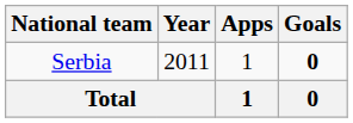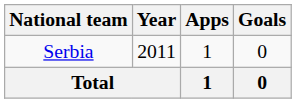 <table class="wikitable" style="text-align:center">
 <tr>
 <th>National team</th>
 <th>Year</th>
 <th>Apps</th>
 <th>Goals</th>
 </tr>
 <tr>
 <td><a href='#'>Serbia</a></td>
 <td>2011</td>
 <td>1</td>
-<td><strong>0</strong></td>
+<td>0</td>
 </tr>
 <tr>
 <th colspan="2">Total</th>
 <th>1</th>
 <th>0</th>
 </tr>
 </table>
